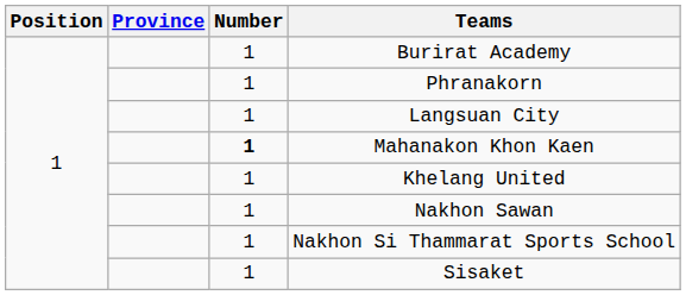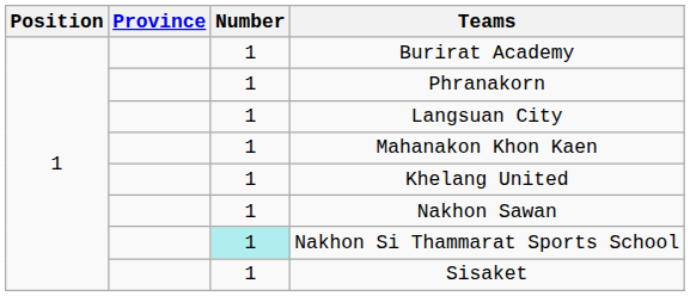 <table class="wikitable">
 <tr>
 <th>Position</th>
 <th><a href='#'>Province</a></th>
 <th>Number</th>
 <th>Teams</th>
 </tr>
 <tr>
 <td align=center rowspan="8">1</td>
 <td></td>
 <td align=center>1</td>
 <td align=center>Burirat Academy</td>
 </tr>
 <tr>
 <td></td>
 <td align=center>1</td>
 <td align=center>Phranakorn</td>
 </tr>
 <tr>
 <td></td>
 <td align=center>1</td>
 <td align=center>Langsuan City</td>
 </tr>
 <tr>
 <td></td>
-<td align=center><strong>1</strong></td>
+<td align=center>1</td>
 <td align=center>Mahanakon Khon Kaen</td>
 </tr>
 <tr>
 <td></td>
 <td align=center>1</td>
 <td align=center>Khelang United</td>
 </tr>
 <tr>
 <td></td>
 <td align=center>1</td>
 <td align=center>Nakhon Sawan</td>
 </tr>
 <tr>
 <td></td>
-<td align=center>1</td>
+<td align=center style="background: paleturquoise;">1</td>
 <td align=center>Nakhon Si Thammarat Sports School</td>
 </tr>
 <tr>
 <td></td>
 <td align=center>1</td>
 <td align=center>Sisaket</td>
 </tr>
 </table>
